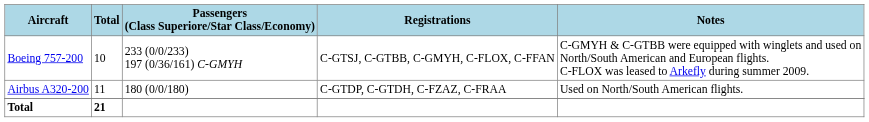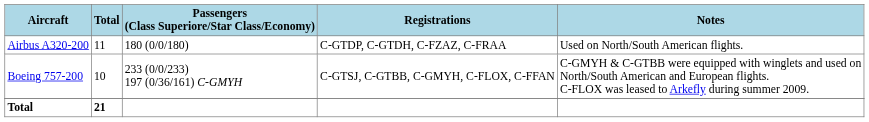 <table class="toccolours" border="1" cellpadding="3" style="border-collapse:collapse;margin:auto;">
 <tr bgcolor=lightblue>
 <th>Aircraft</th>
 <th>Total</th>
 <th>Passengers<br>(Class Superiore/Star Class/Economy)</th>
 <th>Registrations</th>
 <th>Notes</th>
 </tr>
 <tr>
+<td><a href='#'>Airbus A320-200</a></td>
+<td>11</td>
+<td>180 (0/0/180)</td>
+<td>C-GTDP, C-GTDH, C-FZAZ, C-FRAA</td>
+<td>Used on North/South American flights.</td>
+</tr>
+<tr>
 <td><a href='#'>Boeing 757-200</a></td>
 <td>10</td>
 <td>233 (0/0/233)<br>197 (0/36/161) <em>C-GMYH</em></td>
 <td>C-GTSJ, C-GTBB, C-GMYH, C-FLOX, C-FFAN</td>
 <td>C-GMYH & C-GTBB were equipped with winglets and used on<br>North/South American and European flights.<br>C-FLOX was leased to <a href='#'>Arkefly</a> during summer 2009.</td>
-</tr>
-<tr>
-<td><a href='#'>Airbus A320-200</a></td>
-<td>11</td>
-<td>180 (0/0/180)</td>
-<td>C-GTDP, C-GTDH, C-FZAZ, C-FRAA</td>
-<td>Used on North/South American flights.</td>
 </tr>
 <tr>
 </tr>
 <tr>
 <td><strong>Total</strong></td>
 <td><strong>21</strong></td>
 <td></td>
 <td></td>
 <td></td>
 </tr>
 </table>
